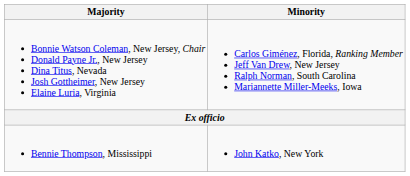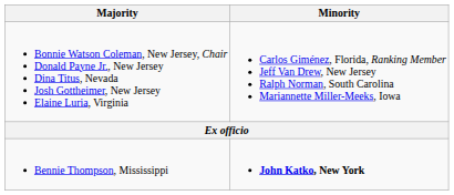 <table class=wikitable>
 <tr>
 <th>Majority</th>
 <th>Minority</th>
 </tr>
 <tr>
 <td><br><ul><li><a href='#'>Bonnie Watson Coleman</a>, New Jersey, <em>Chair</em></li><li><a href='#'>Donald Payne Jr.</a>, New Jersey</li><li><a href='#'>Dina Titus</a>, Nevada</li><li><a href='#'>Josh Gottheimer</a>, New Jersey</li><li><a href='#'>Elaine Luria</a>, Virginia</li></ul></td>
 <td><br><ul><li><a href='#'>Carlos Giménez</a>, Florida, <em>Ranking Member</em></li><li><a href='#'>Jeff Van Drew</a>, New Jersey</li><li><a href='#'>Ralph Norman</a>, South Carolina</li><li><a href='#'>Mariannette Miller-Meeks</a>, Iowa</li></ul></td>
 </tr>
 <tr>
 <th colspan=2><em>Ex officio</em></th>
 </tr>
 <tr>
 <td><br><ul><li><a href='#'>Bennie Thompson</a>, Mississippi</li></ul></td>
-<td><br><ul><li><a href='#'>John Katko</a>, New York</li></ul></td>
+<td><strong><br><ul><li><a href='#'>John Katko</a>, New York</li></ul></strong></td>
 </tr>
 </table>
